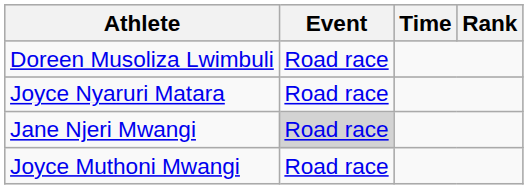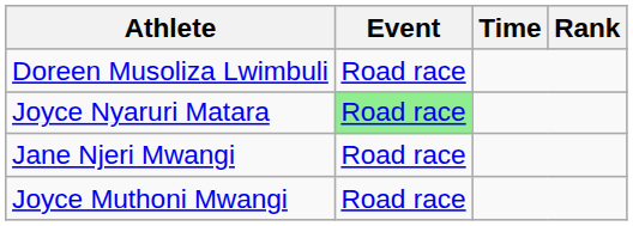 <table class=wikitable style="font-size:90%">
 <tr>
 <th>Athlete</th>
 <th>Event</th>
 <th>Time</th>
 <th>Rank</th>
 </tr>
 <tr>
 <td><a href='#'>Doreen Musoliza Lwimbuli</a></td>
 <td><a href='#'>Road race</a></td>
 <td align=center colspan="2"></td>
 </tr>
 <tr>
 <td><a href='#'>Joyce Nyaruri Matara</a></td>
-<td><a href='#'>Road race</a></td>
+<td style="background: lightgreen;"><a href='#'>Road race</a></td>
 <td align=center colspan="2"></td>
 </tr>
 <tr>
 <td><a href='#'>Jane Njeri Mwangi</a></td>
-<td style="background: lightgrey;"><a href='#'>Road race</a></td>
+<td><a href='#'>Road race</a></td>
 <td align=center colspan="2"></td>
 </tr>
 <tr>
 <td><a href='#'>Joyce Muthoni Mwangi</a></td>
 <td><a href='#'>Road race</a></td>
 <td align=center colspan="2"></td>
 </tr>
 </table>
